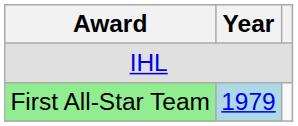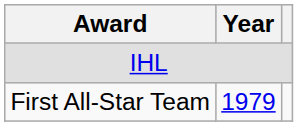 <table class="wikitable">
 <tr>
 <th>Award</th>
 <th>Year</th>
 <th></th>
 </tr>
 <tr ALIGN="center" bgcolor="#e0e0e0">
 <td colspan="3"><a href='#'>IHL</a></td>
 </tr>
 <tr>
-<td style="background: lightgreen;">First All-Star Team</td>
-<td style="background: lightblue;"><a href='#'>1979</a></td>
+<td>First All-Star Team</td>
+<td><a href='#'>1979</a></td>
 <td></td>
 </tr>
 </table>
